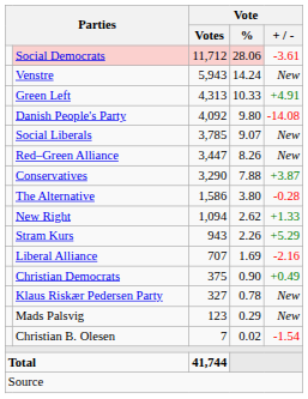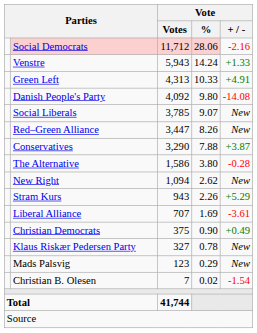 <table class="wikitable" style="text-align:right;">
 <tr>
 <th style="text-align:centre;" rowspan="2" colspan="2" width="225">Parties</th>
 <th colspan="3">Vote</th>
 </tr>
 <tr>
 <th width="15">Votes</th>
 <th width="15">%</th>
 <th width="15">+ / -</th>
 </tr>
 <tr>
 <td width="2" style="color:inherit;background:"></td>
 <td bgcolor=#fbd0ce  align="left"><a href='#'>Social Democrats</a></td>
 <td bgcolor=#fbd0ce>11,712</td>
 <td bgcolor=#fbd0ce>28.06</td>
-<td style=color:red;>-3.61</td>
+<td style=color:red;>-2.16</td>
 </tr>
 <tr>
 <td width="2" style="color:inherit;background:"></td>
 <td align="left"><a href='#'>Venstre</a></td>
 <td>5,943</td>
 <td>14.24</td>
-<td><em>New</em></td>
+<td style=color:green;>+1.33</td>
 </tr>
 <tr>
 <td width="2" style="color:inherit;background:"></td>
 <td align="left"><a href='#'>Green Left</a></td>
 <td>4,313</td>
 <td>10.33</td>
 <td style=color:green;>+4.91</td>
 </tr>
 <tr>
 <td width="2" style="color:inherit;background:"></td>
 <td align="left"><a href='#'>Danish People's Party</a></td>
 <td>4,092</td>
 <td>9.80</td>
 <td style=color:red;>-14.08</td>
 </tr>
 <tr>
 <td width="2" style="color:inherit;background:"></td>
 <td align="left"><a href='#'>Social Liberals</a></td>
 <td>3,785</td>
 <td>9.07</td>
 <td><em>New</em></td>
 </tr>
 <tr>
 <td width="2" style="color:inherit;background:"></td>
 <td align="left"><a href='#'>Red–Green Alliance</a></td>
 <td>3,447</td>
 <td>8.26</td>
 <td><em>New</em></td>
 </tr>
 <tr>
 <td width="2" style="color:inherit;background:"></td>
 <td align="left"><a href='#'>Conservatives</a></td>
 <td>3,290</td>
 <td>7.88</td>
 <td style=color:green;>+3.87</td>
 </tr>
 <tr>
 <td width="2" style="color:inherit;background:"></td>
 <td align="left"><a href='#'>The Alternative</a></td>
 <td>1,586</td>
 <td>3.80</td>
 <td style=color:red;>-0.28</td>
 </tr>
 <tr>
 <td width="2" style="color:inherit;background:"></td>
 <td align="left"><a href='#'>New Right</a></td>
 <td>1,094</td>
 <td>2.62</td>
-<td style=color:green;>+1.33</td>
+<td><em>New</em></td>
 </tr>
 <tr>
 <td width="2" style="color:inherit;background:"></td>
 <td align="left"><a href='#'>Stram Kurs</a></td>
 <td>943</td>
 <td>2.26</td>
 <td style=color:green;>+5.29</td>
 </tr>
 <tr>
 <td width="2" style="color:inherit;background:"></td>
 <td align="left"><a href='#'>Liberal Alliance</a></td>
 <td>707</td>
 <td>1.69</td>
-<td style=color:red;>-2.16</td>
+<td style=color:red;>-3.61</td>
 </tr>
 <tr>
 <td width="2" style="color:inherit;background:"></td>
 <td align="left"><a href='#'>Christian Democrats</a></td>
 <td>375</td>
 <td>0.90</td>
 <td style=color:green;>+0.49</td>
 </tr>
 <tr>
 <td width="2" style="color:inherit;background:"></td>
 <td align="left"><a href='#'>Klaus Riskær Pedersen Party</a></td>
 <td>327</td>
 <td>0.78</td>
 <td><em>New</em></td>
 </tr>
 <tr>
 <td width="2" style="color:inherit;background:"></td>
 <td align="left">Mads Palsvig</td>
 <td>123</td>
 <td>0.29</td>
 <td><em>New</em></td>
 </tr>
 <tr>
 <td width="2" style="color:inherit;background:"></td>
 <td align="left">Christian B. Olesen</td>
 <td>7</td>
 <td>0.02</td>
 <td style=color:red;>-1.54</td>
 </tr>
 <tr>
 <td colspan="7" bgcolor="#E9E9E9"></td>
 </tr>
 <tr>
 <td align="left" colspan="2"><strong>Total</strong></td>
 <td><strong>41,744</strong></td>
 <td bgcolor="#E9E9E9" colspan="2"></td>
 </tr>
 <tr>
 <td align="left" colspan="6">Source</td>
 </tr>
 </table>
